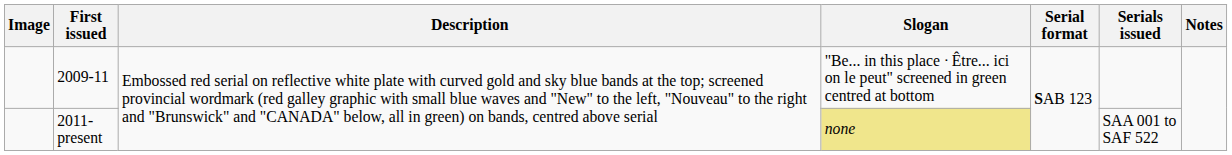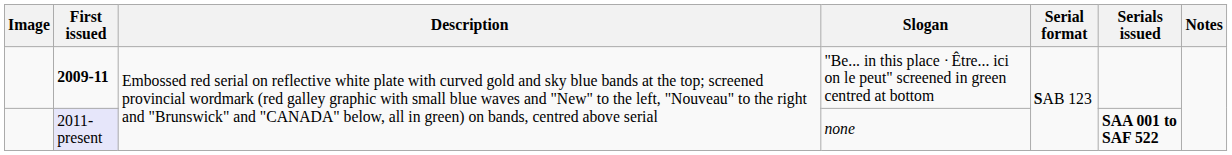 <table class="wikitable">
 <tr>
 <th>Image</th>
 <th>First issued</th>
 <th>Description</th>
 <th>Slogan</th>
 <th>Serial format</th>
 <th>Serials issued</th>
 <th>Notes</th>
 </tr>
 <tr>
 <td></td>
-<td>2009-11</td>
+<td><strong>2009-11</strong></td>
 <td rowspan="2">Embossed red serial on reflective white plate with curved gold and sky blue bands at the top; screened provincial wordmark (red galley graphic with small blue waves and "New" to the left, "Nouveau" to the right and "Brunswick" and "CANADA" below, all in green) on bands, centred above serial</td>
 <td>"Be... in this place  ᐧ  Être... ici on le peut" screened in green centred at bottom</td>
 <td rowspan="2"><strong>S</strong>AB 123</td>
 <td></td>
 <td rowspan="2"></td>
 </tr>
 <tr>
 <td></td>
-<td>2011-present</td>
-<td style="background: khaki;"><em>none</em></td>
-<td>SAA 001 to SAF 522 </td>
+<td style="background: lavender;">2011-present</td>
+<td><em>none</em></td>
+<td><strong>SAA 001 to SAF 522 </strong></td>
 </tr>
 </table>
